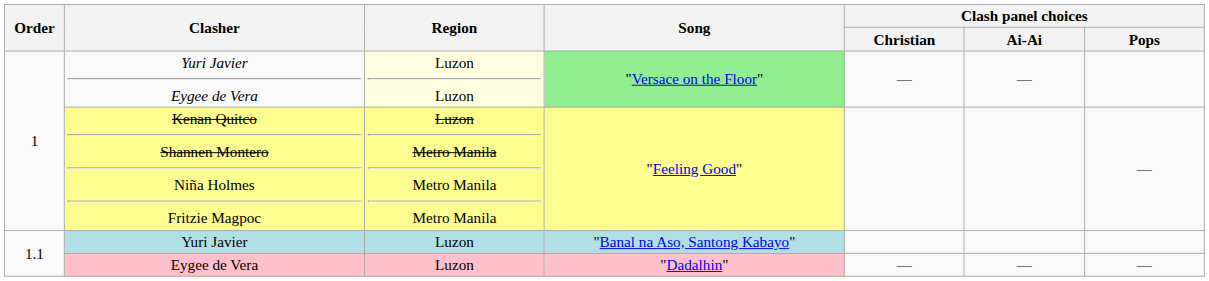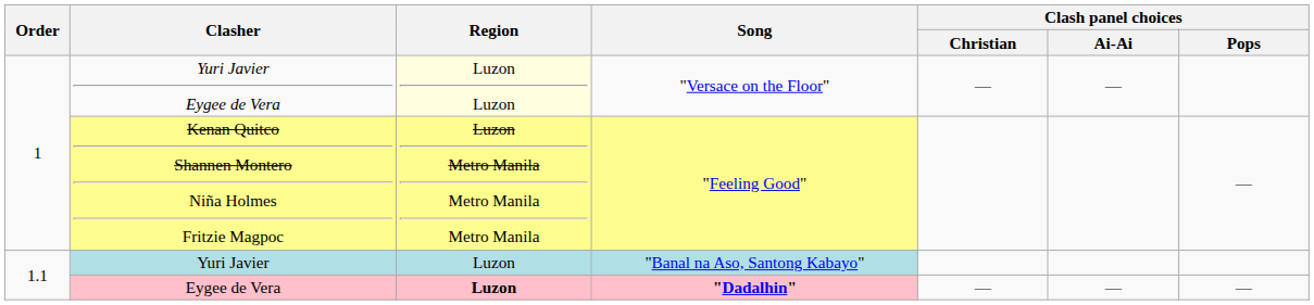 <table class="wikitable" style="text-align:center; line-height:17px; width:100%;">
 <tr>
 <th rowspan="2" width="5%">Order</th>
 <th rowspan="2" width="25%">Clasher</th>
 <th rowspan="2">Region</th>
 <th rowspan="2" width="25%">Song</th>
 <th colspan="3" width="30%">Clash panel choices</th>
 </tr>
 <tr>
 <th width="10%">Christian</th>
 <th width="10%">Ai-Ai</th>
 <th width="10%">Pops</th>
 </tr>
 <tr>
 <td rowspan="2">1</td>
 <td><em>Yuri Javier</em><hr><em>Eygee de Vera</em></td>
 <td style="background: lightyellow;">Luzon<hr>Luzon</td>
-<td style="background: lightgreen;">"<a href='#'>Versace on the Floor</a>"</td>
+<td>"<a href='#'>Versace on the Floor</a>"</td>
 <td>—</td>
 <td>—</td>
 <td><strong></strong></td>
 </tr>
 <tr>
 <td style="background:#fdfc8f;"><s>Kenan Quitco</s><hr><s>Shannen Montero</s><hr>Niña Holmes<hr>Fritzie Magpoc</td>
 <td style="background:#fdfc8f;"><s>Luzon</s> <hr><s>Metro Manila</s><hr>Metro Manila<hr>Metro Manila</td>
 <td style="background:#fdfc8f;">"<a href='#'>Feeling Good</a>"</td>
 <td><strong></strong></td>
 <td><strong></strong></td>
 <td>—</td>
 </tr>
 <tr>
 <td rowspan="2">1.1</td>
 <td style="background:#b0e0e6;">Yuri Javier</td>
 <td style="background:#b0e0e6;">Luzon</td>
 <td style="background:#b0e0e6;">"<a href='#'>Banal na Aso, Santong Kabayo</a>"</td>
 <td><strong></strong></td>
 <td><strong></strong></td>
 <td><strong></strong></td>
 </tr>
 <tr>
 <td style="background:pink;">Eygee de Vera</td>
-<td style="background:pink;">Luzon</td>
-<td style="background:pink;">"<a href='#'>Dadalhin</a>"</td>
+<td style="background:pink;"><strong>Luzon</strong></td>
+<td style="background:pink;"><strong>"<a href='#'>Dadalhin</a>"</strong></td>
 <td>—</td>
 <td>—</td>
 <td>—</td>
 </tr>
 </table>
